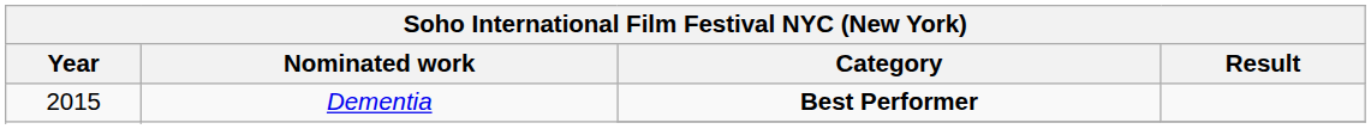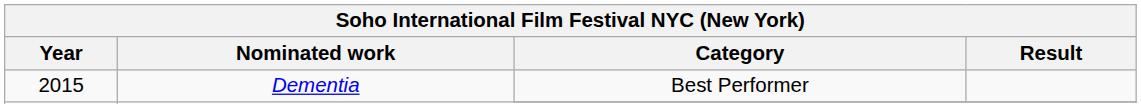 <table width="70%" class="wikitable sortable">
 <tr>
 <th colspan="4" align="center">Soho International Film Festival NYC (New York)</th>
 </tr>
 <tr>
 <th width="10%">Year</th>
 <th width="35%">Nominated work</th>
 <th width="40%">Category</th>
 <th width="15%">Result</th>
 </tr>
 <tr>
 <td rowspan = 2 align="center">2015</td>
 <td rowspan = 2 align="center"><em><a href='#'>Dementia</a></em></td>
-<td align="center"><strong>Best Performer</strong></td>
+<td align="center">Best Performer</td>
 <td></td>
 </tr>
 <tr>
 </tr>
 </table>
